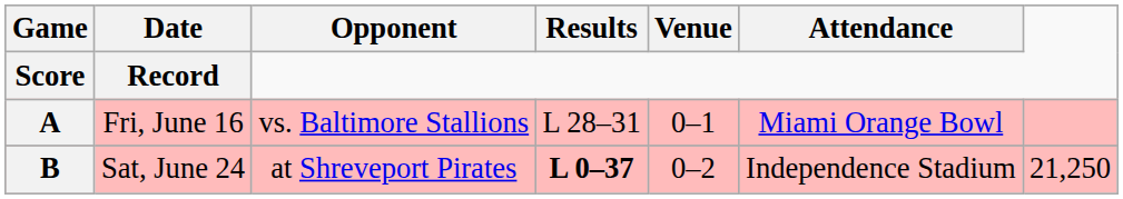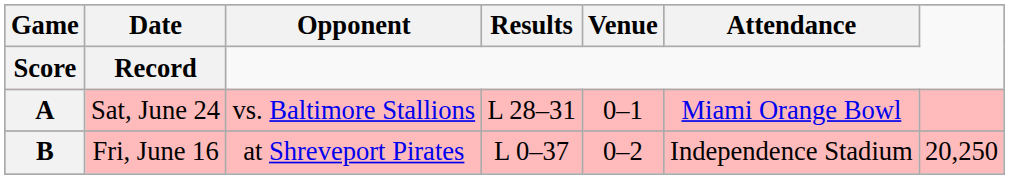 <table class="wikitable" style="text-align:center">
 <tr>
 <th>Game</th>
 <th>Date</th>
 <th>Opponent</th>
 <th>Results</th>
 <th>Venue</th>
 <th>Attendance</th>
 </tr>
 <tr>
 <th>Score</th>
 <th>Record</th>
 </tr>
 <tr style="background:#ffbbbb">
 <th>A</th>
-<td>Fri, June 16</td>
+<td>Sat, June 24</td>
 <td>vs. <a href='#'>Baltimore Stallions</a></td>
 <td>L 28–31</td>
 <td>0–1</td>
 <td><a href='#'>Miami Orange Bowl</a></td>
 <td></td>
 </tr>
 <tr style="background:#ffbbbb">
 <th>B</th>
-<td>Sat, June 24</td>
+<td>Fri, June 16</td>
 <td>at <a href='#'>Shreveport Pirates</a></td>
-<td><strong>L 0–37</strong></td>
+<td>L 0–37</td>
 <td>0–2</td>
 <td>Independence Stadium</td>
-<td>21,250</td>
+<td>20,250</td>
 </tr>
 </table>
